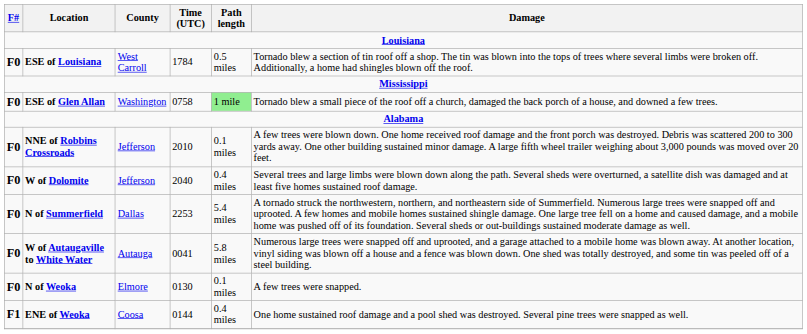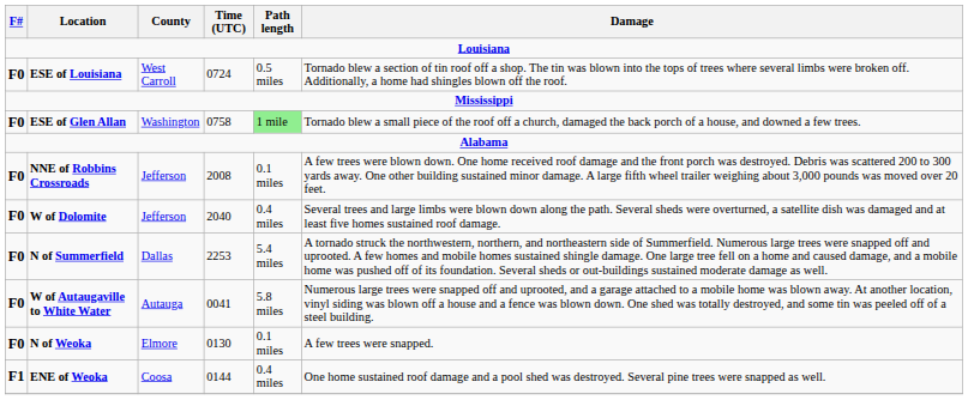 <table class="wikitable">
 <tr>
 <th><strong><a href='#'>F#</a></strong></th>
 <th><strong>Location</strong></th>
 <th><strong>County</strong></th>
 <th><strong>Time (UTC)</strong></th>
 <th><strong>Path length</strong></th>
 <th><strong>Damage</strong></th>
 </tr>
 <tr>
 <td colspan="7" align=center><strong><a href='#'>Louisiana</a></strong></td>
 </tr>
 <tr>
 <td><big><strong>F0</strong></big></td>
 <td><strong>ESE of <a href='#'>Louisiana</a></strong></td>
 <td><a href='#'>West Carroll</a></td>
-<td>1784</td>
+<td>0724</td>
 <td>0.5 miles</td>
 <td>Tornado blew a section of tin roof off a shop. The tin was blown into the tops of trees where several limbs were broken off. Additionally, a home had shingles blown off the roof.</td>
 </tr>
 <tr>
 <td colspan="7" align=center><strong><a href='#'>Mississippi</a></strong></td>
 </tr>
 <tr>
 <td><big><strong>F0</strong></big></td>
 <td><strong>ESE of <a href='#'>Glen Allan</a></strong></td>
 <td><a href='#'>Washington</a></td>
 <td>0758</td>
 <td style="background: lightgreen;">1 mile</td>
 <td>Tornado blew a small piece of the roof off a church, damaged the back porch of a house, and downed a few trees.</td>
 </tr>
 <tr>
 <td colspan="7" align=center><strong><a href='#'>Alabama</a></strong></td>
 </tr>
 <tr>
 <td><big><strong>F0</strong></big></td>
 <td><strong>NNE of <a href='#'>Robbins Crossroads</a></strong></td>
 <td><a href='#'>Jefferson</a></td>
-<td>2010</td>
+<td>2008</td>
 <td>0.1 miles</td>
 <td>A few trees were blown down. One home received roof damage and the front porch was destroyed. Debris was scattered 200 to 300 yards away. One other building sustained minor damage. A large fifth wheel trailer weighing about 3,000 pounds was moved over 20 feet.</td>
 </tr>
 <tr>
 <td><big><strong>F0</strong></big></td>
 <td><strong>W of <a href='#'>Dolomite</a></strong></td>
 <td><a href='#'>Jefferson</a></td>
 <td>2040</td>
 <td>0.4 miles</td>
 <td>Several trees and large limbs were blown down along the path. Several sheds were overturned, a satellite dish was damaged and at least five homes sustained roof damage.</td>
 </tr>
 <tr>
 <td><big><strong>F0</strong></big></td>
 <td><strong>N of <a href='#'>Summerfield</a></strong></td>
 <td><a href='#'>Dallas</a></td>
 <td>2253</td>
 <td>5.4 miles</td>
 <td>A tornado struck the northwestern, northern, and northeastern side of Summerfield. Numerous large trees were snapped off and uprooted. A few homes and mobile homes sustained shingle damage. One large tree fell on a home and caused damage, and a mobile home was pushed off of its foundation. Several sheds or out-buildings sustained moderate damage as well.</td>
 </tr>
 <tr>
 <td><big><strong>F0</strong></big></td>
 <td><strong>W of <a href='#'>Autaugaville</a> to <a href='#'>White Water</a></strong></td>
 <td><a href='#'>Autauga</a></td>
 <td>0041</td>
 <td>5.8 miles</td>
 <td>Numerous large trees were snapped off and uprooted, and a garage attached to a mobile home was blown away. At another location, vinyl siding was blown off a house and a fence was blown down. One shed was totally destroyed, and some tin was peeled off of a steel building.</td>
 </tr>
 <tr>
 <td><big><strong>F0</strong></big></td>
 <td><strong>N of <a href='#'>Weoka</a></strong></td>
 <td><a href='#'>Elmore</a></td>
 <td>0130</td>
 <td>0.1 miles</td>
 <td>A few trees were snapped.</td>
 </tr>
 <tr>
 <td><big><strong>F1</strong></big></td>
 <td><strong>ENE of <a href='#'>Weoka</a></strong></td>
 <td><a href='#'>Coosa</a></td>
 <td>0144</td>
 <td>0.4 miles</td>
 <td>One home sustained roof damage and a pool shed was destroyed. Several pine trees were snapped as well.</td>
 </tr>
 <tr>
 </tr>
 </table>
